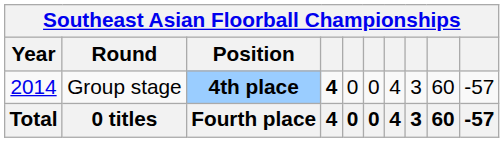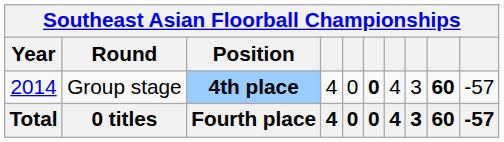 <table class="wikitable" style="text-align: center;">
 <tr>
 <th colspan=10><a href='#'>Southeast Asian Floorball Championships</a></th>
 </tr>
 <tr>
 <th>Year</th>
 <th>Round</th>
 <th>Position</th>
 <th></th>
 <th></th>
 <th></th>
 <th></th>
 <th></th>
 <th></th>
 <th></th>
 </tr>
 <tr>
 <td> <a href='#'>2014</a></td>
 <td>Group stage</td>
 <td bgcolor=#9acdff><strong>4th place</strong></td>
-<td><strong>4</strong></td>
+<td>4</td>
 <td>0</td>
-<td>0</td>
+<td><strong>0</strong></td>
 <td>4</td>
 <td>3</td>
-<td>60</td>
+<td><strong>60</strong></td>
 <td>-57</td>
 </tr>
 <tr>
 <th>Total</th>
 <th>0 titles</th>
 <th>Fourth place</th>
 <th>4</th>
 <th>0</th>
 <th>0</th>
 <th>4</th>
 <th>3</th>
 <th>60</th>
 <th>-57</th>
 </tr>
 </table>
